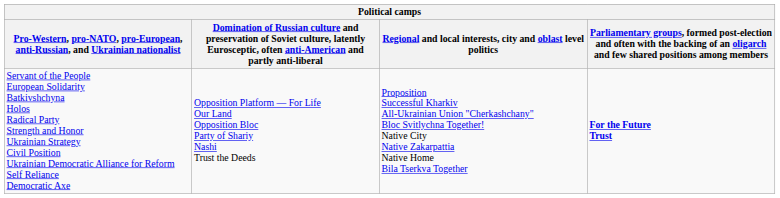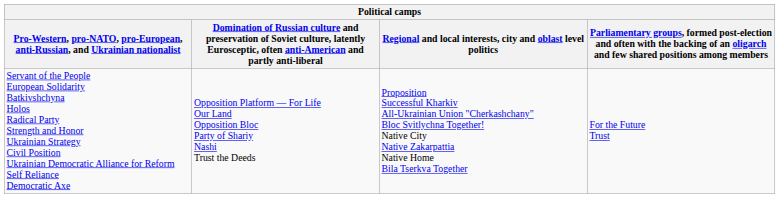 <table class="wikitable" style="float:right;margin:0 0 1em 1em;width: 100%;">
 <tr style="background-color:#C9C9C9">
 <th colspan="11"><strong>Political camps</strong></th>
 </tr>
 <tr>
 <th style="width: 100px"><a href='#'>Pro-Western</a>, <a href='#'>pro-NATO</a>, <a href='#'>pro-European</a>, <a href='#'>anti-Russian</a>, and <a href='#'>Ukrainian nationalist</a></th>
 <th style="width: 100px"><a href='#'>Domination of Russian culture</a> and preservation of Soviet culture, latently Eurosceptic, often <a href='#'>anti-American</a> and partly anti-liberal</th>
 <th style="width: 100px"><a href='#'>Regional</a> and local interests, city and <a href='#'>oblast</a> level politics</th>
 <th style="width: 100px"><a href='#'>Parliamentary groups</a>, formed post-election and often with the backing of an <a href='#'>oligarch</a> and few shared positions among members</th>
 </tr>
 <tr>
 <td><a href='#'>Servant of the People</a><br><a href='#'>European Solidarity</a><br><a href='#'>Batkivshchyna</a><br><a href='#'>Holos</a><br><a href='#'>Radical Party</a><br><a href='#'>Strength and Honor</a><br><a href='#'>Ukrainian Strategy</a><br><a href='#'>Civil Position</a><br><a href='#'>Ukrainian Democratic Alliance for Reform</a><br><a href='#'>Self Reliance</a><br> <a href='#'>Democratic Axe</a></td>
 <td><a href='#'>Opposition Platform — For Life</a><br><a href='#'>Our Land</a><br><a href='#'>Opposition Bloc</a><br><a href='#'>Party of Shariy</a><br><a href='#'>Nashi</a><br>Trust the Deeds</td>
 <td><a href='#'>Proposition</a><br><a href='#'>Successful Kharkiv</a><br><a href='#'>All-Ukrainian Union "Cherkashchany"</a><br><a href='#'>Bloc Svitlychna Together!</a><br>Native City<br><a href='#'>Native Zakarpattia</a><br>Native Home<br><a href='#'>Bila Tserkva Together</a></td>
-<td><strong><a href='#'>For the Future</a><br><a href='#'>Trust</a></strong></td>
+<td><a href='#'>For the Future</a><br><a href='#'>Trust</a></td>
 </tr>
 </table>
